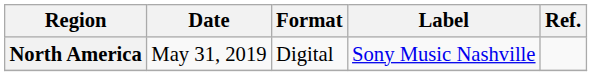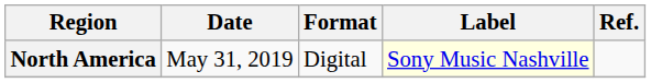 <table class="wikitable plainrowheaders">
 <tr>
 <th scope="col">Region</th>
 <th scope="col">Date</th>
 <th scope="col">Format</th>
 <th scope="col">Label</th>
 <th scope="col">Ref.</th>
 </tr>
 <tr>
 <th scope="row">North America</th>
 <td>May 31, 2019</td>
 <td>Digital</td>
-<td><a href='#'>Sony Music Nashville</a></td>
+<td style="background: lightyellow;"><a href='#'>Sony Music Nashville</a></td>
 <td></td>
 </tr>
 <tr>
 </tr>
 </table>
